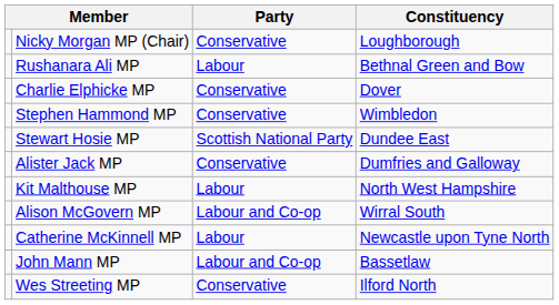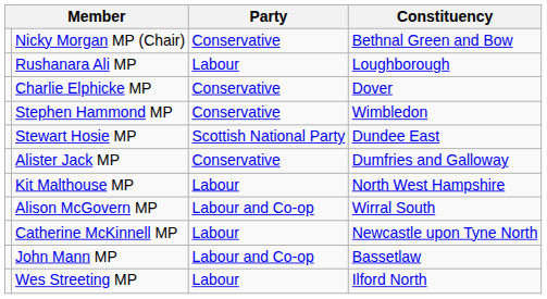 <table class="wikitable">
 <tr>
 <th colspan="2" valign="top">Member</th>
 <th valign="top">Party</th>
 <th valign="top">Constituency</th>
 </tr>
 <tr>
 <td style="color:inherit;background:"></td>
 <td><a href='#'>Nicky Morgan</a> MP (Chair)</td>
 <td><a href='#'>Conservative</a></td>
-<td><a href='#'>Loughborough</a></td>
+<td><a href='#'>Bethnal Green and Bow</a></td>
 </tr>
 <tr>
 <td style="color:inherit;background:"></td>
 <td><a href='#'>Rushanara Ali</a> MP</td>
 <td><a href='#'>Labour</a></td>
-<td><a href='#'>Bethnal Green and Bow</a></td>
+<td><a href='#'>Loughborough</a></td>
 </tr>
 <tr>
 <td style="color:inherit;background:"></td>
 <td><a href='#'>Charlie Elphicke</a> MP</td>
 <td><a href='#'>Conservative</a></td>
 <td><a href='#'>Dover</a></td>
 </tr>
 <tr>
 <td style="color:inherit;background:"></td>
 <td><a href='#'>Stephen Hammond</a> MP</td>
 <td><a href='#'>Conservative</a></td>
 <td><a href='#'>Wimbledon</a></td>
 </tr>
 <tr>
 <td style="color:inherit;background:"></td>
 <td><a href='#'>Stewart Hosie</a> MP</td>
 <td><a href='#'>Scottish National Party</a></td>
 <td><a href='#'>Dundee East</a></td>
 </tr>
 <tr>
 <td style="color:inherit;background:"></td>
 <td><a href='#'>Alister Jack</a> MP</td>
 <td><a href='#'>Conservative</a></td>
 <td><a href='#'>Dumfries and Galloway</a></td>
 </tr>
 <tr>
 <td style="color:inherit;background:"></td>
 <td><a href='#'>Kit Malthouse</a> MP</td>
 <td><a href='#'>Labour</a></td>
 <td><a href='#'>North West Hampshire</a></td>
 </tr>
 <tr>
 <td style="color:inherit;background:"></td>
 <td><a href='#'>Alison McGovern</a> MP</td>
 <td><a href='#'>Labour and Co-op</a></td>
 <td><a href='#'>Wirral South</a></td>
 </tr>
 <tr>
 <td style="color:inherit;background:"></td>
 <td><a href='#'>Catherine McKinnell</a> MP</td>
 <td><a href='#'>Labour</a></td>
 <td><a href='#'>Newcastle upon Tyne North</a></td>
 </tr>
 <tr>
 <td style="color:inherit;background:"></td>
 <td><a href='#'>John Mann</a> MP</td>
 <td><a href='#'>Labour and Co-op</a></td>
 <td><a href='#'>Bassetlaw</a></td>
 </tr>
 <tr>
 <td style="color:inherit;background:"></td>
 <td><a href='#'>Wes Streeting</a> MP</td>
-<td><a href='#'>Conservative</a></td>
+<td><a href='#'>Labour</a></td>
 <td><a href='#'>Ilford North</a></td>
 </tr>
 </table>
